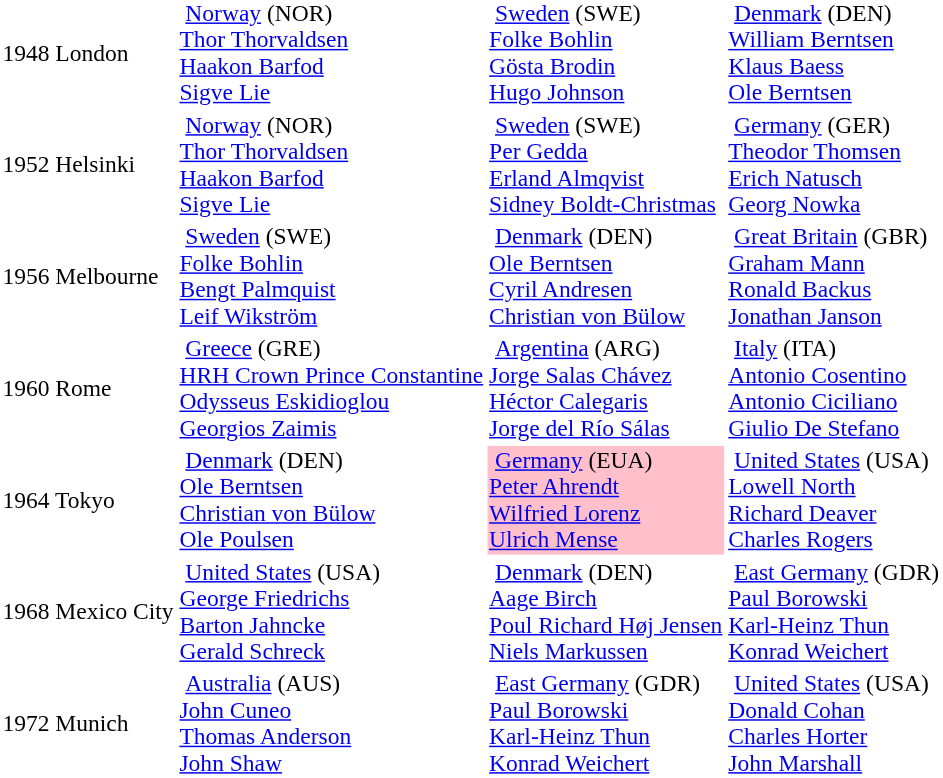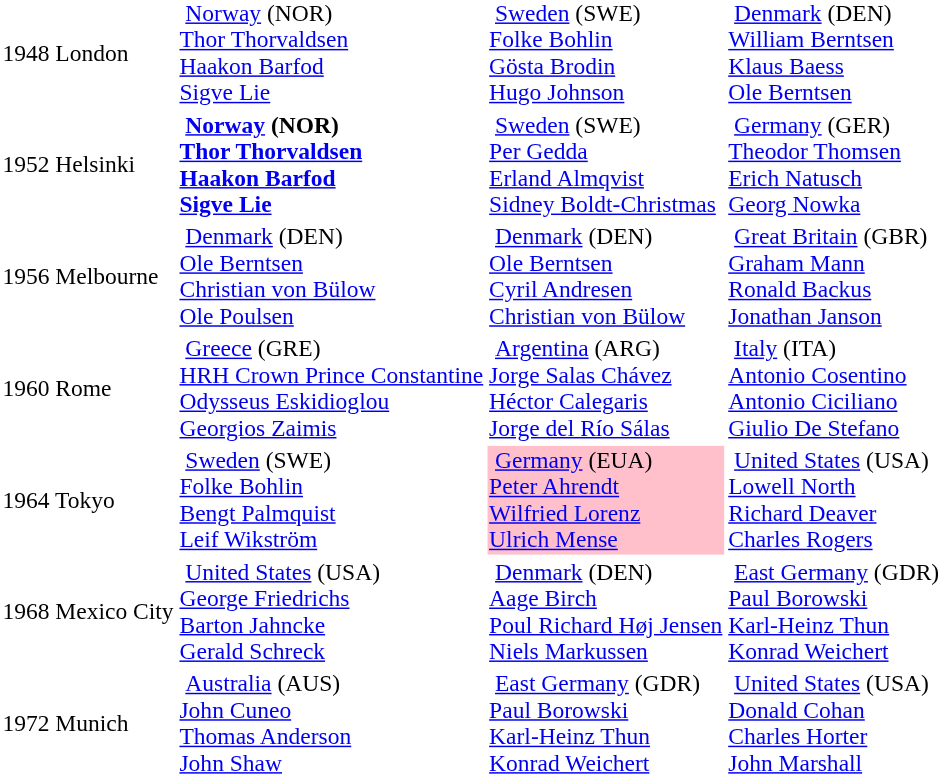 <table>
 <tr>
 <td style="align:center;">1948 London <br></td>
 <td style="vertical-align:top;"> <a href='#'>Norway</a> <span>(NOR)</span><br><a href='#'>Thor Thorvaldsen</a><br><a href='#'>Haakon Barfod</a><br><a href='#'>Sigve Lie</a></td>
 <td style="vertical-align:top;"> <a href='#'>Sweden</a> <span>(SWE)</span><br><a href='#'>Folke Bohlin</a><br><a href='#'>Gösta Brodin</a><br><a href='#'>Hugo Johnson</a></td>
 <td style="vertical-align:top;"> <a href='#'>Denmark</a> <span>(DEN)</span><br><a href='#'>William Berntsen</a><br><a href='#'>Klaus Baess</a><br><a href='#'>Ole Berntsen</a></td>
 </tr>
 <tr>
 <td style="align:center;">1952 Helsinki <br></td>
-<td style="vertical-align:top;"> <a href='#'>Norway</a> <span>(NOR)</span><br><a href='#'>Thor Thorvaldsen</a><br><a href='#'>Haakon Barfod</a><br><a href='#'>Sigve Lie</a></td>
+<td style="vertical-align:top;"><strong> <a href='#'>Norway</a> <span>(NOR)</span><br><a href='#'>Thor Thorvaldsen</a><br><a href='#'>Haakon Barfod</a><br><a href='#'>Sigve Lie</a></strong></td>
 <td style="vertical-align:top;"> <a href='#'>Sweden</a> <span>(SWE)</span><br><a href='#'>Per Gedda</a><br><a href='#'>Erland Almqvist</a><br><a href='#'>Sidney Boldt-Christmas</a></td>
 <td style="vertical-align:top;"> <a href='#'>Germany</a> <span>(GER)</span><br><a href='#'>Theodor Thomsen</a><br><a href='#'>Erich Natusch</a><br><a href='#'>Georg Nowka</a></td>
 </tr>
 <tr>
 <td style="align:center;">1956 Melbourne <br></td>
-<td style="vertical-align:top;"> <a href='#'>Sweden</a> <span>(SWE)</span><br><a href='#'>Folke Bohlin</a><br><a href='#'>Bengt Palmquist</a><br><a href='#'>Leif Wikström</a></td>
+<td style="vertical-align:top;"> <a href='#'>Denmark</a> <span>(DEN)</span><br><a href='#'>Ole Berntsen</a><br><a href='#'>Christian von Bülow</a><br><a href='#'>Ole Poulsen</a></td>
 <td style="vertical-align:top;"> <a href='#'>Denmark</a> <span>(DEN)</span><br><a href='#'>Ole Berntsen</a><br><a href='#'>Cyril Andresen</a><br><a href='#'>Christian von Bülow</a></td>
 <td style="vertical-align:top;"> <a href='#'>Great Britain</a> <span>(GBR)</span><br><a href='#'>Graham Mann</a><br><a href='#'>Ronald Backus</a><br><a href='#'>Jonathan Janson</a></td>
 </tr>
 <tr>
 <td style="align:center;">1960 Rome <br></td>
 <td style="vertical-align:top;"> <a href='#'>Greece</a> <span>(GRE)</span><br><a href='#'>HRH Crown Prince Constantine</a><br><a href='#'>Odysseus Eskidioglou</a><br><a href='#'>Georgios Zaimis</a></td>
 <td style="vertical-align:top;"> <a href='#'>Argentina</a> <span>(ARG)</span><br><a href='#'>Jorge Salas Chávez</a><br><a href='#'>Héctor Calegaris</a><br><a href='#'>Jorge del Río Sálas</a></td>
 <td style="vertical-align:top;"> <a href='#'>Italy</a> <span>(ITA)</span><br><a href='#'>Antonio Cosentino</a><br><a href='#'>Antonio Ciciliano</a><br><a href='#'>Giulio De Stefano</a></td>
 </tr>
 <tr>
 <td style="align:center;">1964 Tokyo <br></td>
-<td style="vertical-align:top;"> <a href='#'>Denmark</a> <span>(DEN)</span><br><a href='#'>Ole Berntsen</a><br><a href='#'>Christian von Bülow</a><br><a href='#'>Ole Poulsen</a></td>
+<td style="vertical-align:top;"> <a href='#'>Sweden</a> <span>(SWE)</span><br><a href='#'>Folke Bohlin</a><br><a href='#'>Bengt Palmquist</a><br><a href='#'>Leif Wikström</a></td>
 <td style="background: pink; vertical-align:top;"> <a href='#'>Germany</a> <span>(EUA)</span><br><a href='#'>Peter Ahrendt</a><br><a href='#'>Wilfried Lorenz</a><br><a href='#'>Ulrich Mense</a></td>
 <td style="vertical-align:top;"> <a href='#'>United States</a> <span>(USA)</span><br><a href='#'>Lowell North</a><br><a href='#'>Richard Deaver</a><br><a href='#'>Charles Rogers</a></td>
 </tr>
 <tr>
 <td style="align:center;">1968 Mexico City <br></td>
 <td style="vertical-align:top;"> <a href='#'>United States</a> <span>(USA)</span><br><a href='#'>George Friedrichs</a><br><a href='#'>Barton Jahncke</a><br><a href='#'>Gerald Schreck</a></td>
 <td style="vertical-align:top;"> <a href='#'>Denmark</a> <span>(DEN)</span><br><a href='#'>Aage Birch</a><br><a href='#'>Poul Richard Høj Jensen</a><br><a href='#'>Niels Markussen</a></td>
 <td style="vertical-align:top;"> <a href='#'>East Germany</a> <span>(GDR)</span><br><a href='#'>Paul Borowski</a><br><a href='#'>Karl-Heinz Thun</a><br><a href='#'>Konrad Weichert</a></td>
 </tr>
 <tr>
 <td style="align:center;">1972 Munich <br></td>
 <td style="vertical-align:top;"> <a href='#'>Australia</a> <span>(AUS)</span><br><a href='#'>John Cuneo</a><br><a href='#'>Thomas Anderson</a><br><a href='#'>John Shaw</a></td>
 <td style="vertical-align:top;"> <a href='#'>East Germany</a> <span>(GDR)</span><br><a href='#'>Paul Borowski</a><br><a href='#'>Karl-Heinz Thun</a><br><a href='#'>Konrad Weichert</a></td>
 <td style="vertical-align:top;"> <a href='#'>United States</a> <span>(USA)</span><br><a href='#'>Donald Cohan</a><br><a href='#'>Charles Horter</a><br><a href='#'>John Marshall</a></td>
 </tr>
 </table>
